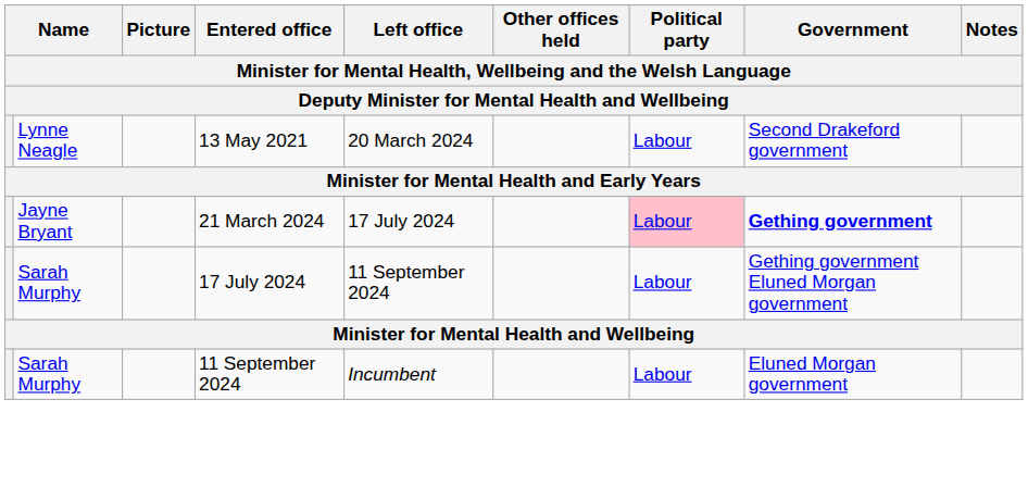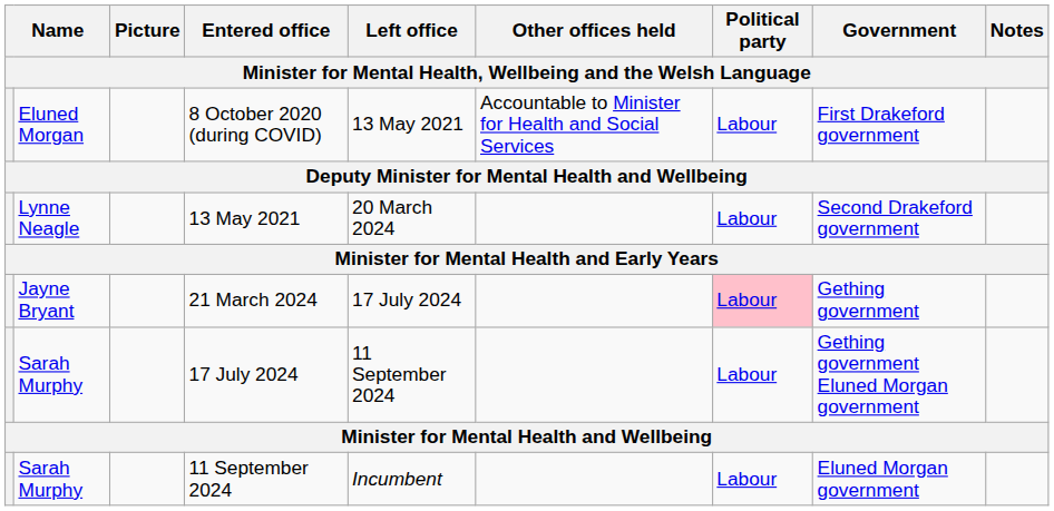 <table class="wikitable">
 <tr>
 <th colspan="2">Name</th>
 <th>Picture</th>
 <th>Entered office</th>
 <th>Left office</th>
 <th>Other offices held</th>
 <th>Political party</th>
 <th>Government</th>
 <th>Notes</th>
 </tr>
 <tr>
 <th colspan="9">Minister for Mental Health, Wellbeing and the Welsh Language</th>
+</tr>
+<tr>
+<th style="background-color:"></th>
+<td><a href='#'>Eluned Morgan</a></td>
+<td></td>
+<td>8 October 2020 (during COVID)</td>
+<td>13 May 2021</td>
+<td>Accountable to <a href='#'>Minister for Health and Social Services</a></td>
+<td><a href='#'>Labour</a></td>
+<td><a href='#'>First Drakeford government</a></td>
+<td></td>
 </tr>
 <tr>
 <th colspan="9">Deputy Minister for Mental Health and Wellbeing</th>
 </tr>
 <tr>
 <th style="background-color:"></th>
 <td><a href='#'>Lynne Neagle</a></td>
 <td></td>
 <td>13 May 2021</td>
 <td>20 March 2024</td>
 <td></td>
 <td><a href='#'>Labour</a></td>
 <td><a href='#'>Second Drakeford government</a></td>
 <td></td>
 </tr>
 <tr>
 <th colspan="9">Minister for Mental Health and Early Years</th>
 </tr>
 <tr>
 <th style="background-color:"></th>
 <td><a href='#'>Jayne Bryant</a></td>
 <td></td>
 <td>21 March 2024</td>
 <td>17 July 2024</td>
 <td></td>
 <td style="background: pink;"><a href='#'>Labour</a></td>
-<td><strong><a href='#'>Gething government</a></strong></td>
+<td><a href='#'>Gething government</a></td>
 <td></td>
 </tr>
 <tr>
 <th style="background-color:"></th>
 <td><a href='#'>Sarah Murphy</a></td>
 <td></td>
 <td>17 July 2024</td>
 <td>11 September 2024</td>
 <td></td>
 <td><a href='#'>Labour</a></td>
 <td><a href='#'>Gething government</a><br><a href='#'>Eluned Morgan government</a></td>
 <td></td>
 </tr>
 <tr>
 <th colspan="9">Minister for Mental Health and Wellbeing</th>
 </tr>
 <tr>
 <th style="background-color:"></th>
 <td><a href='#'>Sarah Murphy</a></td>
 <td></td>
 <td>11 September 2024</td>
 <td><em>Incumbent</em></td>
 <td></td>
 <td><a href='#'>Labour</a></td>
 <td><a href='#'>Eluned Morgan government</a></td>
 <td></td>
 </tr>
 </table>
